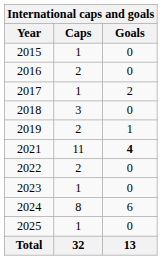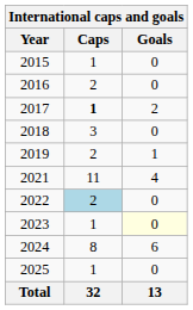 <table class="wikitable sortable" style="text-align:center">
 <tr>
 <th colspan="3">International caps and goals</th>
 </tr>
 <tr>
 <th>Year</th>
 <th>Caps</th>
 <th>Goals</th>
 </tr>
 <tr>
 <td>2015</td>
 <td>1</td>
 <td>0</td>
 </tr>
 <tr>
 <td>2016</td>
 <td>2</td>
 <td>0</td>
 </tr>
 <tr>
 <td>2017</td>
-<td>1</td>
+<td><strong>1</strong></td>
 <td>2</td>
 </tr>
 <tr>
 <td>2018</td>
 <td>3</td>
 <td>0</td>
 </tr>
 <tr>
 <td>2019</td>
 <td>2</td>
 <td>1</td>
 </tr>
 <tr>
 <td>2021</td>
 <td>11</td>
-<td><strong>4</strong></td>
+<td>4</td>
 </tr>
 <tr>
 <td>2022</td>
-<td>2</td>
+<td style="background: lightblue;">2</td>
 <td>0</td>
 </tr>
 <tr>
 <td>2023</td>
 <td>1</td>
-<td>0</td>
+<td style="background: lightyellow;">0</td>
 </tr>
 <tr>
 <td>2024</td>
 <td>8</td>
 <td>6</td>
 </tr>
 <tr>
 <td>2025</td>
 <td>1</td>
 <td>0</td>
 </tr>
 <tr>
 <th>Total</th>
 <th>32</th>
 <th>13</th>
 </tr>
 </table>
